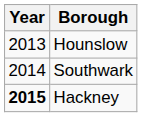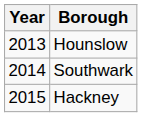 <table class="wikitable">
 <tr>
 <th>Year</th>
 <th>Borough</th>
 </tr>
 <tr>
 <td>2013</td>
 <td>Hounslow</td>
 </tr>
 <tr>
 <td>2014</td>
 <td>Southwark</td>
 </tr>
 <tr>
-<td><strong>2015</strong></td>
+<td>2015</td>
 <td>Hackney</td>
 </tr>
 </table>
